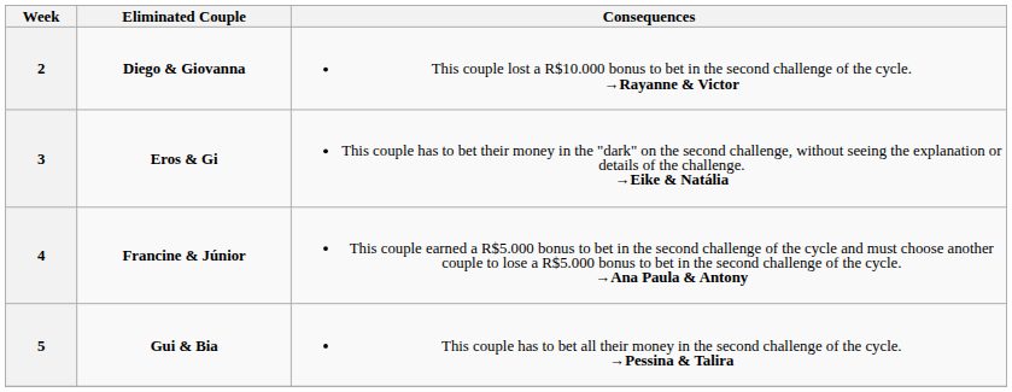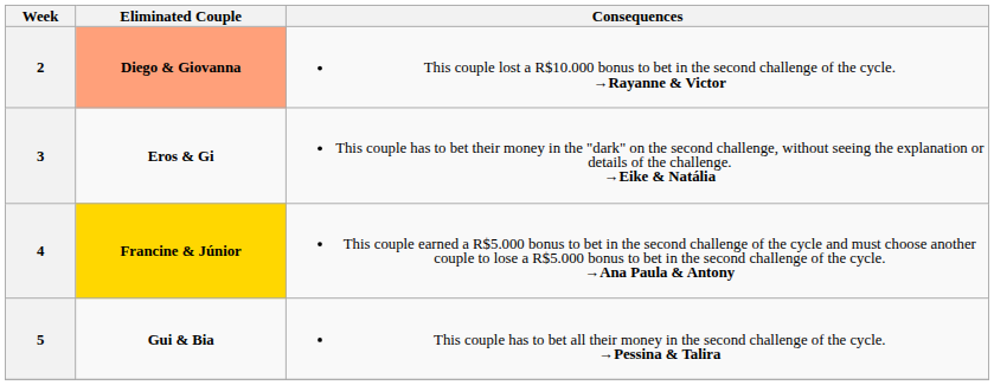 <table class="wikitable" style="text-align:center; font-size:85%; width:100%; line-height:13px;">
 <tr>
 <th style="width:05%">Week</th>
 <th style="width:15%">Eliminated Couple</th>
 <th style="width:50%">Consequences</th>
 </tr>
 <tr>
 <th>2</th>
-<td style="height:65px"><strong>Diego & Giovanna</strong></td>
+<td style="background: lightsalmon; height:65px"><strong>Diego & Giovanna</strong></td>
 <td><br><ul><li> This couple lost a R$10.000 bonus to bet in the second challenge of the cycle.<br>→<strong>Rayanne & Victor</strong></li></ul></td>
 </tr>
 <tr>
 <th>3</th>
 <td style="height:65px"><strong>Eros & Gi</strong></td>
 <td><br><ul><li> This couple has to bet their money in the "dark" on the second challenge, without seeing the explanation or details of the challenge.<br>→<strong>Eike & Natália</strong></li></ul></td>
 </tr>
 <tr>
 <th>4</th>
-<td style="height:65px"><strong>Francine & Júnior</strong></td>
+<td style="background: gold; height:65px"><strong>Francine & Júnior</strong></td>
 <td><br><ul><li> This couple earned a R$5.000 bonus to bet in the second challenge of the cycle and must choose another couple to lose a R$5.000 bonus to bet in the second challenge of the cycle.<br>→<strong>Ana Paula & Antony</strong></li></ul></td>
 </tr>
 <tr>
 <th>5</th>
 <td style="height:65px"><strong>Gui & Bia</strong></td>
 <td><br><ul><li> This couple has to bet all their money in the second challenge of the cycle.<br>→<strong>Pessina & Talira</strong></li></ul></td>
 </tr>
 <tr>
 </tr>
 </table>
